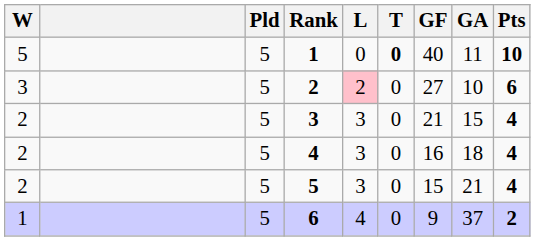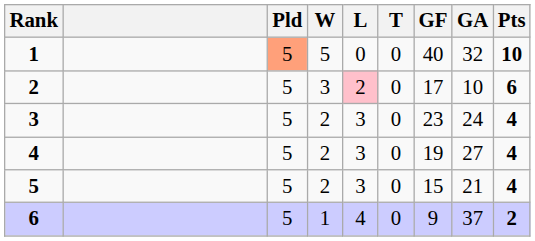 <table class="wikitable">
 <tr>
-<th bgcolor="#efefef" width="20">W</th>
+<th bgcolor="#efefef" width="20">Rank</th>
 <th bgcolor="#efefef" width="150"></th>
 <th bgcolor="#efefef" width="20">Pld</th>
-<th bgcolor="#efefef" width="20">Rank</th>
+<th bgcolor="#efefef" width="20">W</th>
 <th bgcolor="#efefef" width="20">L</th>
 <th bgcolor="#efefef" width="20">T</th>
 <th bgcolor="#efefef" width="20">GF</th>
 <th bgcolor="#efefef" width="20">GA</th>
 <th bgcolor="#efefef" width="20">Pts</th>
 </tr>
 <tr align=center>
+<td><strong>1</strong></td>
+<td align=left></td>
+<td style="background: lightsalmon;">5</td>
 <td>5</td>
-<td align=left></td>
-<td>5</td>
-<td><strong>1</strong></td>
 <td>0</td>
-<td><strong>0</strong></td>
+<td>0</td>
 <td>40</td>
-<td>11</td>
+<td>32</td>
 <td><strong>10</strong></td>
 </tr>
 <tr align=center>
-<td>3</td>
+<td><strong>2</strong></td>
 <td align=left></td>
 <td>5</td>
-<td><strong>2</strong></td>
+<td>3</td>
 <td style="background: pink;">2</td>
 <td>0</td>
-<td>27</td>
+<td>17</td>
 <td>10</td>
 <td><strong>6</strong></td>
 </tr>
 <tr align=center>
-<td>2</td>
+<td><strong>3</strong></td>
 <td align=left></td>
 <td>5</td>
-<td><strong>3</strong></td>
+<td>2</td>
 <td>3</td>
 <td>0</td>
-<td>21</td>
-<td>15</td>
+<td>23</td>
+<td>24</td>
 <td><strong>4</strong></td>
 </tr>
 <tr align=center>
-<td>2</td>
+<td><strong>4</strong></td>
 <td align=left></td>
 <td>5</td>
-<td><strong>4</strong></td>
+<td>2</td>
 <td>3</td>
 <td>0</td>
-<td>16</td>
-<td>18</td>
+<td>19</td>
+<td>27</td>
 <td><strong>4</strong></td>
 </tr>
 <tr align=center>
-<td>2</td>
+<td><strong>5</strong></td>
 <td align=left></td>
 <td>5</td>
-<td><strong>5</strong></td>
+<td>2</td>
 <td>3</td>
 <td>0</td>
 <td>15</td>
 <td>21</td>
 <td><strong>4</strong></td>
 </tr>
 <tr align=center bgcolor="ccccff">
-<td>1</td>
+<td><strong>6</strong></td>
 <td align=left></td>
 <td>5</td>
-<td><strong>6</strong></td>
+<td>1</td>
 <td>4</td>
 <td>0</td>
 <td>9</td>
 <td>37</td>
 <td><strong>2</strong></td>
 </tr>
 </table>
